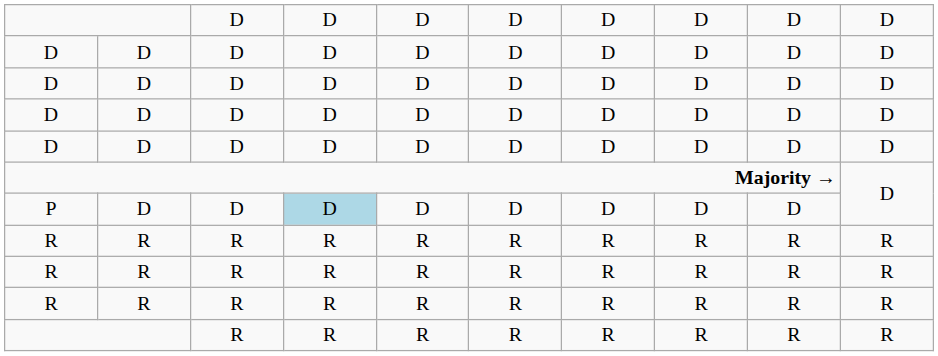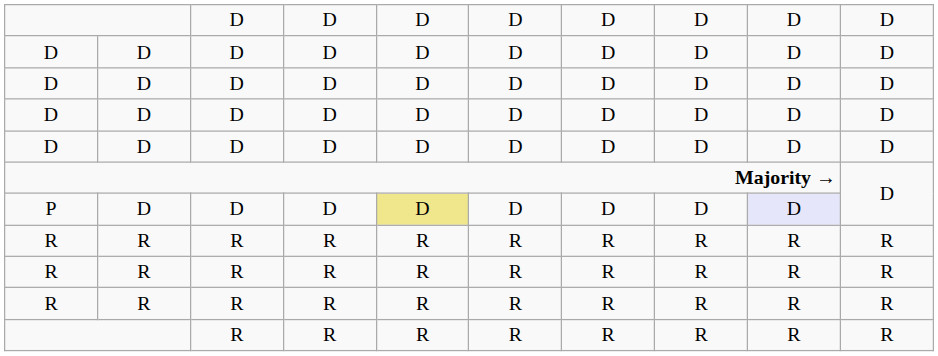 <table class="wikitable" style="text-align:center" width=750px>
 <tr>
 <td colspan=2> </td>
 <td>D</td>
 <td>D</td>
 <td>D</td>
 <td>D</td>
 <td>D</td>
 <td>D</td>
 <td>D</td>
 <td>D</td>
 </tr>
 <tr>
 <td width=10%  >D</td>
 <td width=10%  >D</td>
 <td width=10%  >D</td>
 <td width=10%  >D</td>
 <td width=10%  >D</td>
 <td width=10%  >D</td>
 <td width=10%  >D</td>
 <td width=10%  >D</td>
 <td width=10%  >D</td>
 <td width=10%  >D</td>
 </tr>
 <tr>
 <td>D</td>
 <td>D</td>
 <td>D</td>
 <td>D</td>
 <td>D</td>
 <td>D</td>
 <td>D</td>
 <td>D</td>
 <td>D</td>
 <td>D</td>
 </tr>
 <tr>
 <td>D</td>
 <td>D</td>
 <td>D</td>
 <td>D</td>
 <td>D</td>
 <td>D</td>
 <td>D</td>
 <td>D</td>
 <td>D</td>
 <td>D</td>
 </tr>
 <tr>
 <td>D</td>
 <td>D</td>
 <td>D</td>
 <td>D</td>
 <td>D<br></td>
 <td>D<br></td>
 <td>D<br></td>
 <td>D<br></td>
 <td>D<br></td>
 <td>D<br></td>
 </tr>
 <tr>
 <td colspan=9 align=right><strong>Majority →</strong></td>
 <td rowspan=2 >D<br></td>
 </tr>
 <tr>
 <td>P</td>
 <td>D<br></td>
 <td>D<br></td>
-<td style="background: lightblue;">D<br></td>
+<td>D<br></td>
+<td style="background: khaki;">D<br></td>
 <td>D<br></td>
 <td>D<br></td>
 <td>D<br></td>
-<td>D<br></td>
-<td>D<br></td>
+<td style="background: lavender;">D<br></td>
 </tr>
 <tr>
 <td>R<br></td>
 <td>R<br></td>
 <td>R<br></td>
 <td>R<br></td>
 <td>R<br></td>
 <td>R<br></td>
 <td>R<br></td>
 <td>R<br></td>
 <td>R<br></td>
 <td>R<br></td>
 </tr>
 <tr>
 <td>R</td>
 <td>R</td>
 <td>R<br></td>
 <td>R<br></td>
 <td>R<br></td>
 <td>R<br></td>
 <td>R<br></td>
 <td>R<br></td>
 <td>R<br></td>
 <td>R<br></td>
 </tr>
 <tr>
 <td>R</td>
 <td>R</td>
 <td>R</td>
 <td>R</td>
 <td>R</td>
 <td>R</td>
 <td>R</td>
 <td>R</td>
 <td>R</td>
 <td>R</td>
 </tr>
 <tr>
 <td colspan=2> </td>
 <td>R</td>
 <td>R</td>
 <td>R</td>
 <td>R</td>
 <td>R</td>
 <td>R</td>
 <td>R</td>
 <td>R</td>
 </tr>
 </table>
